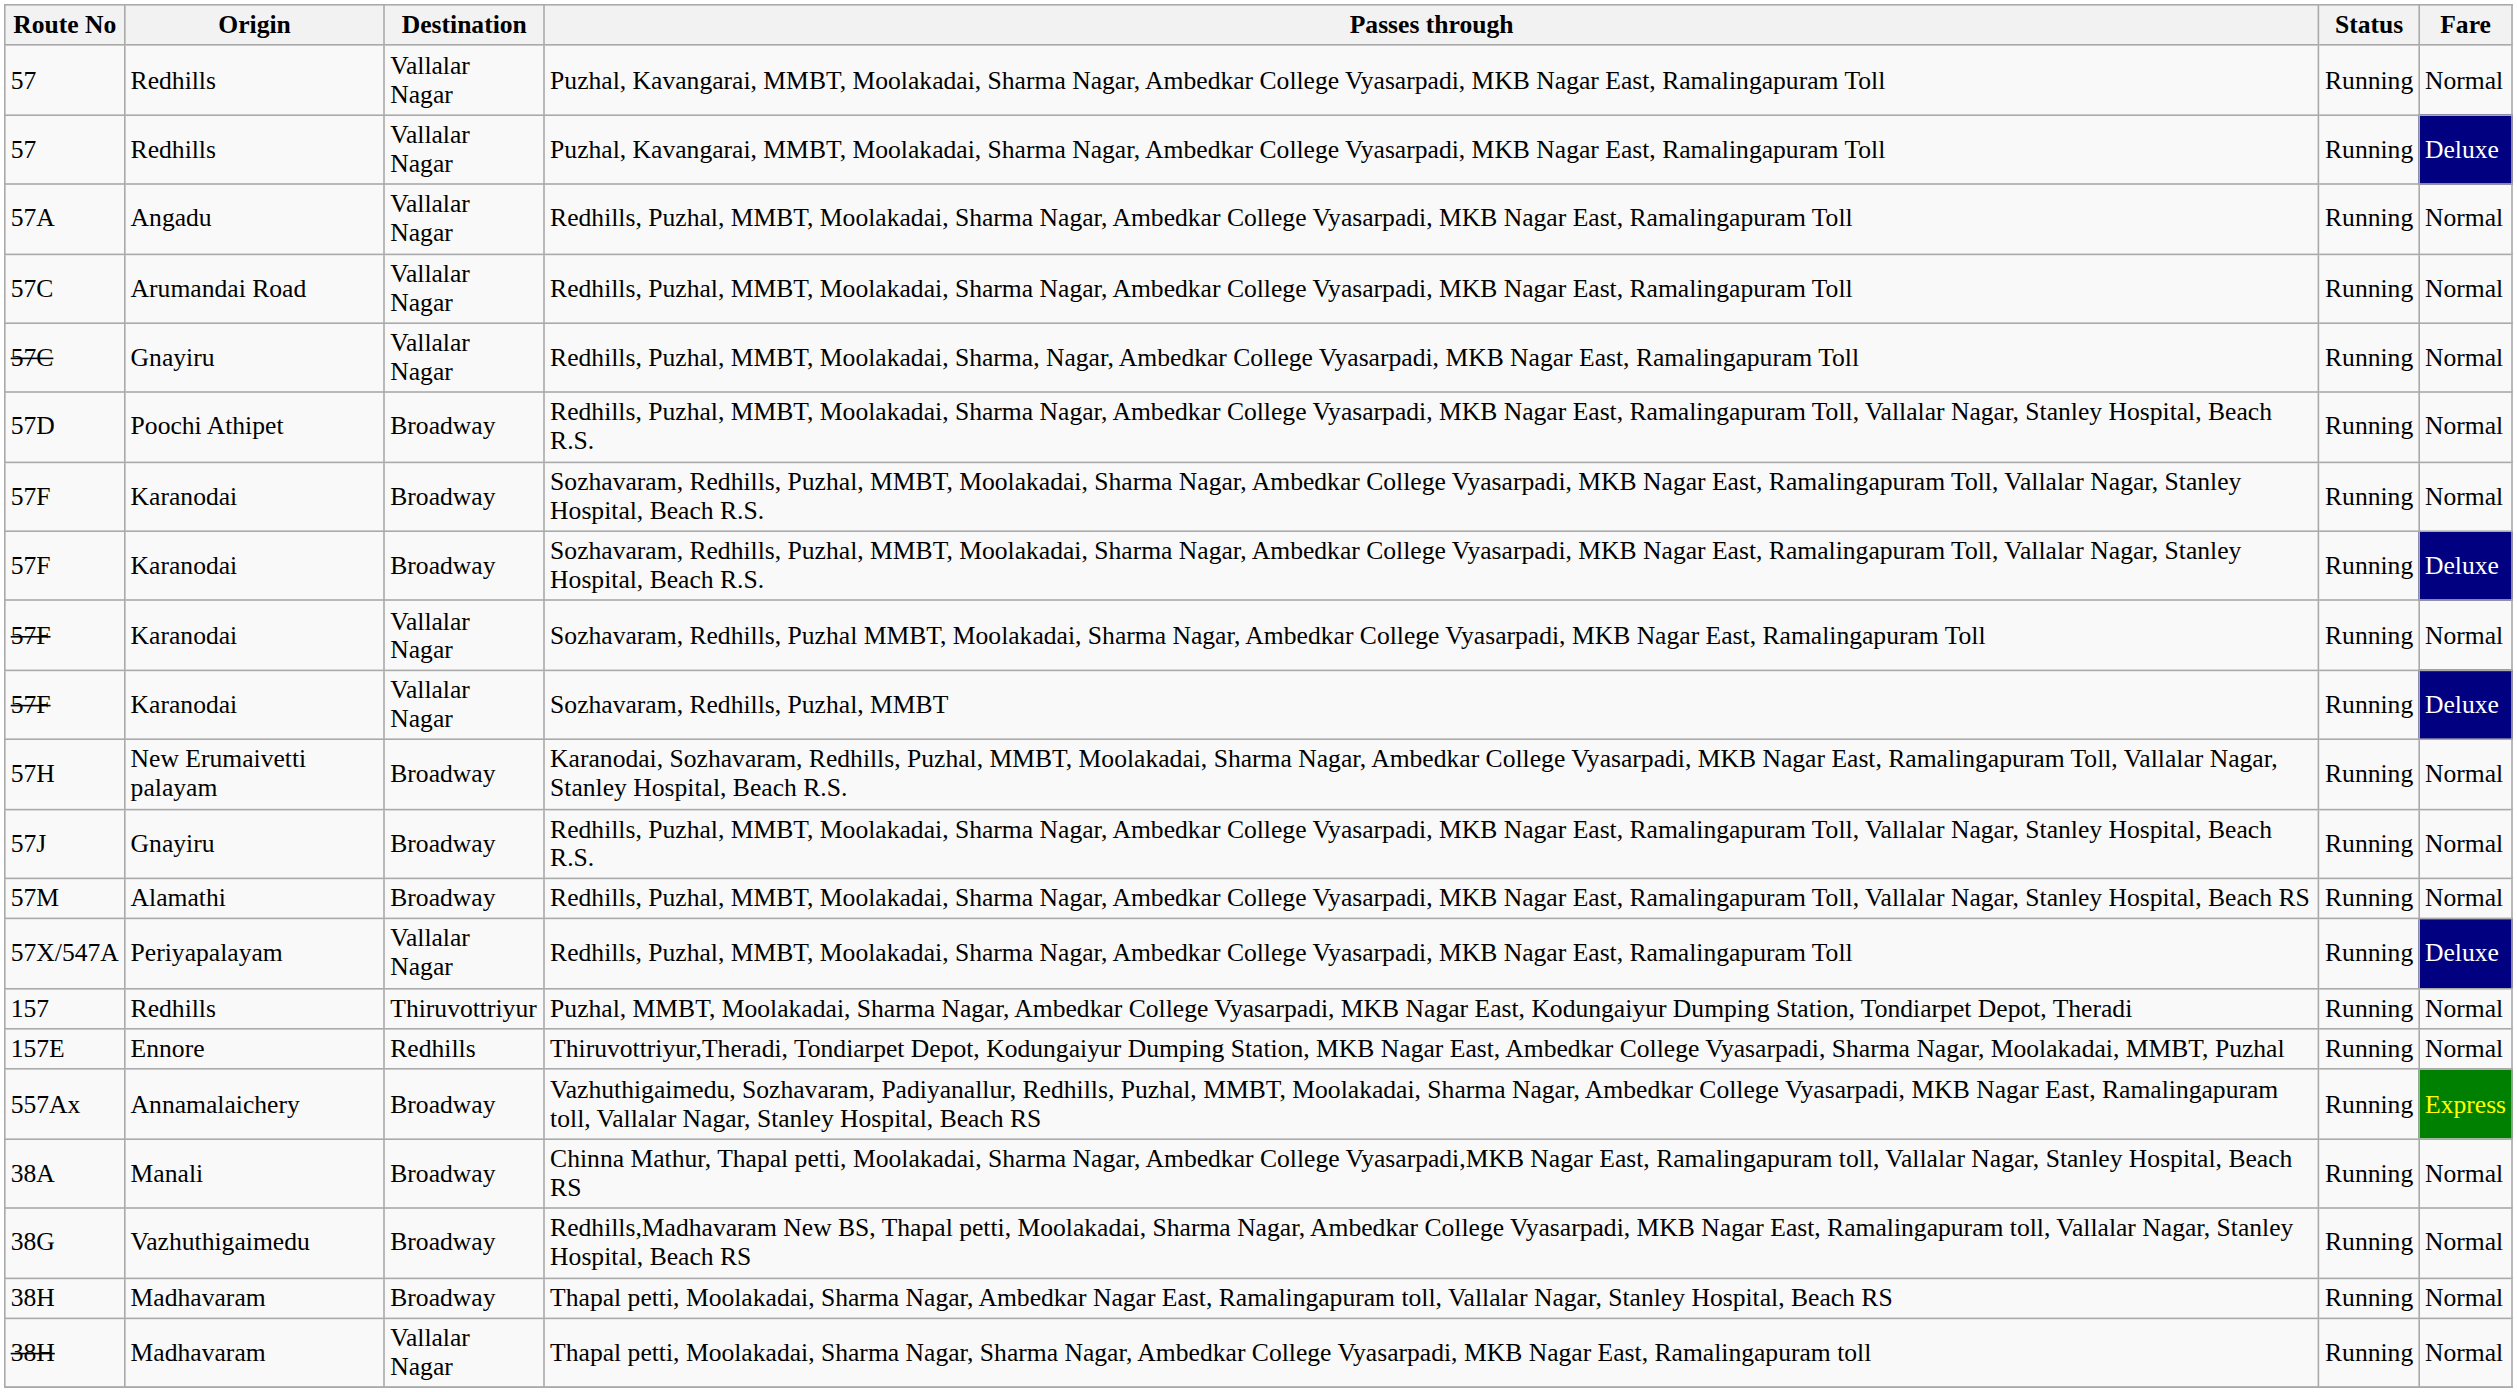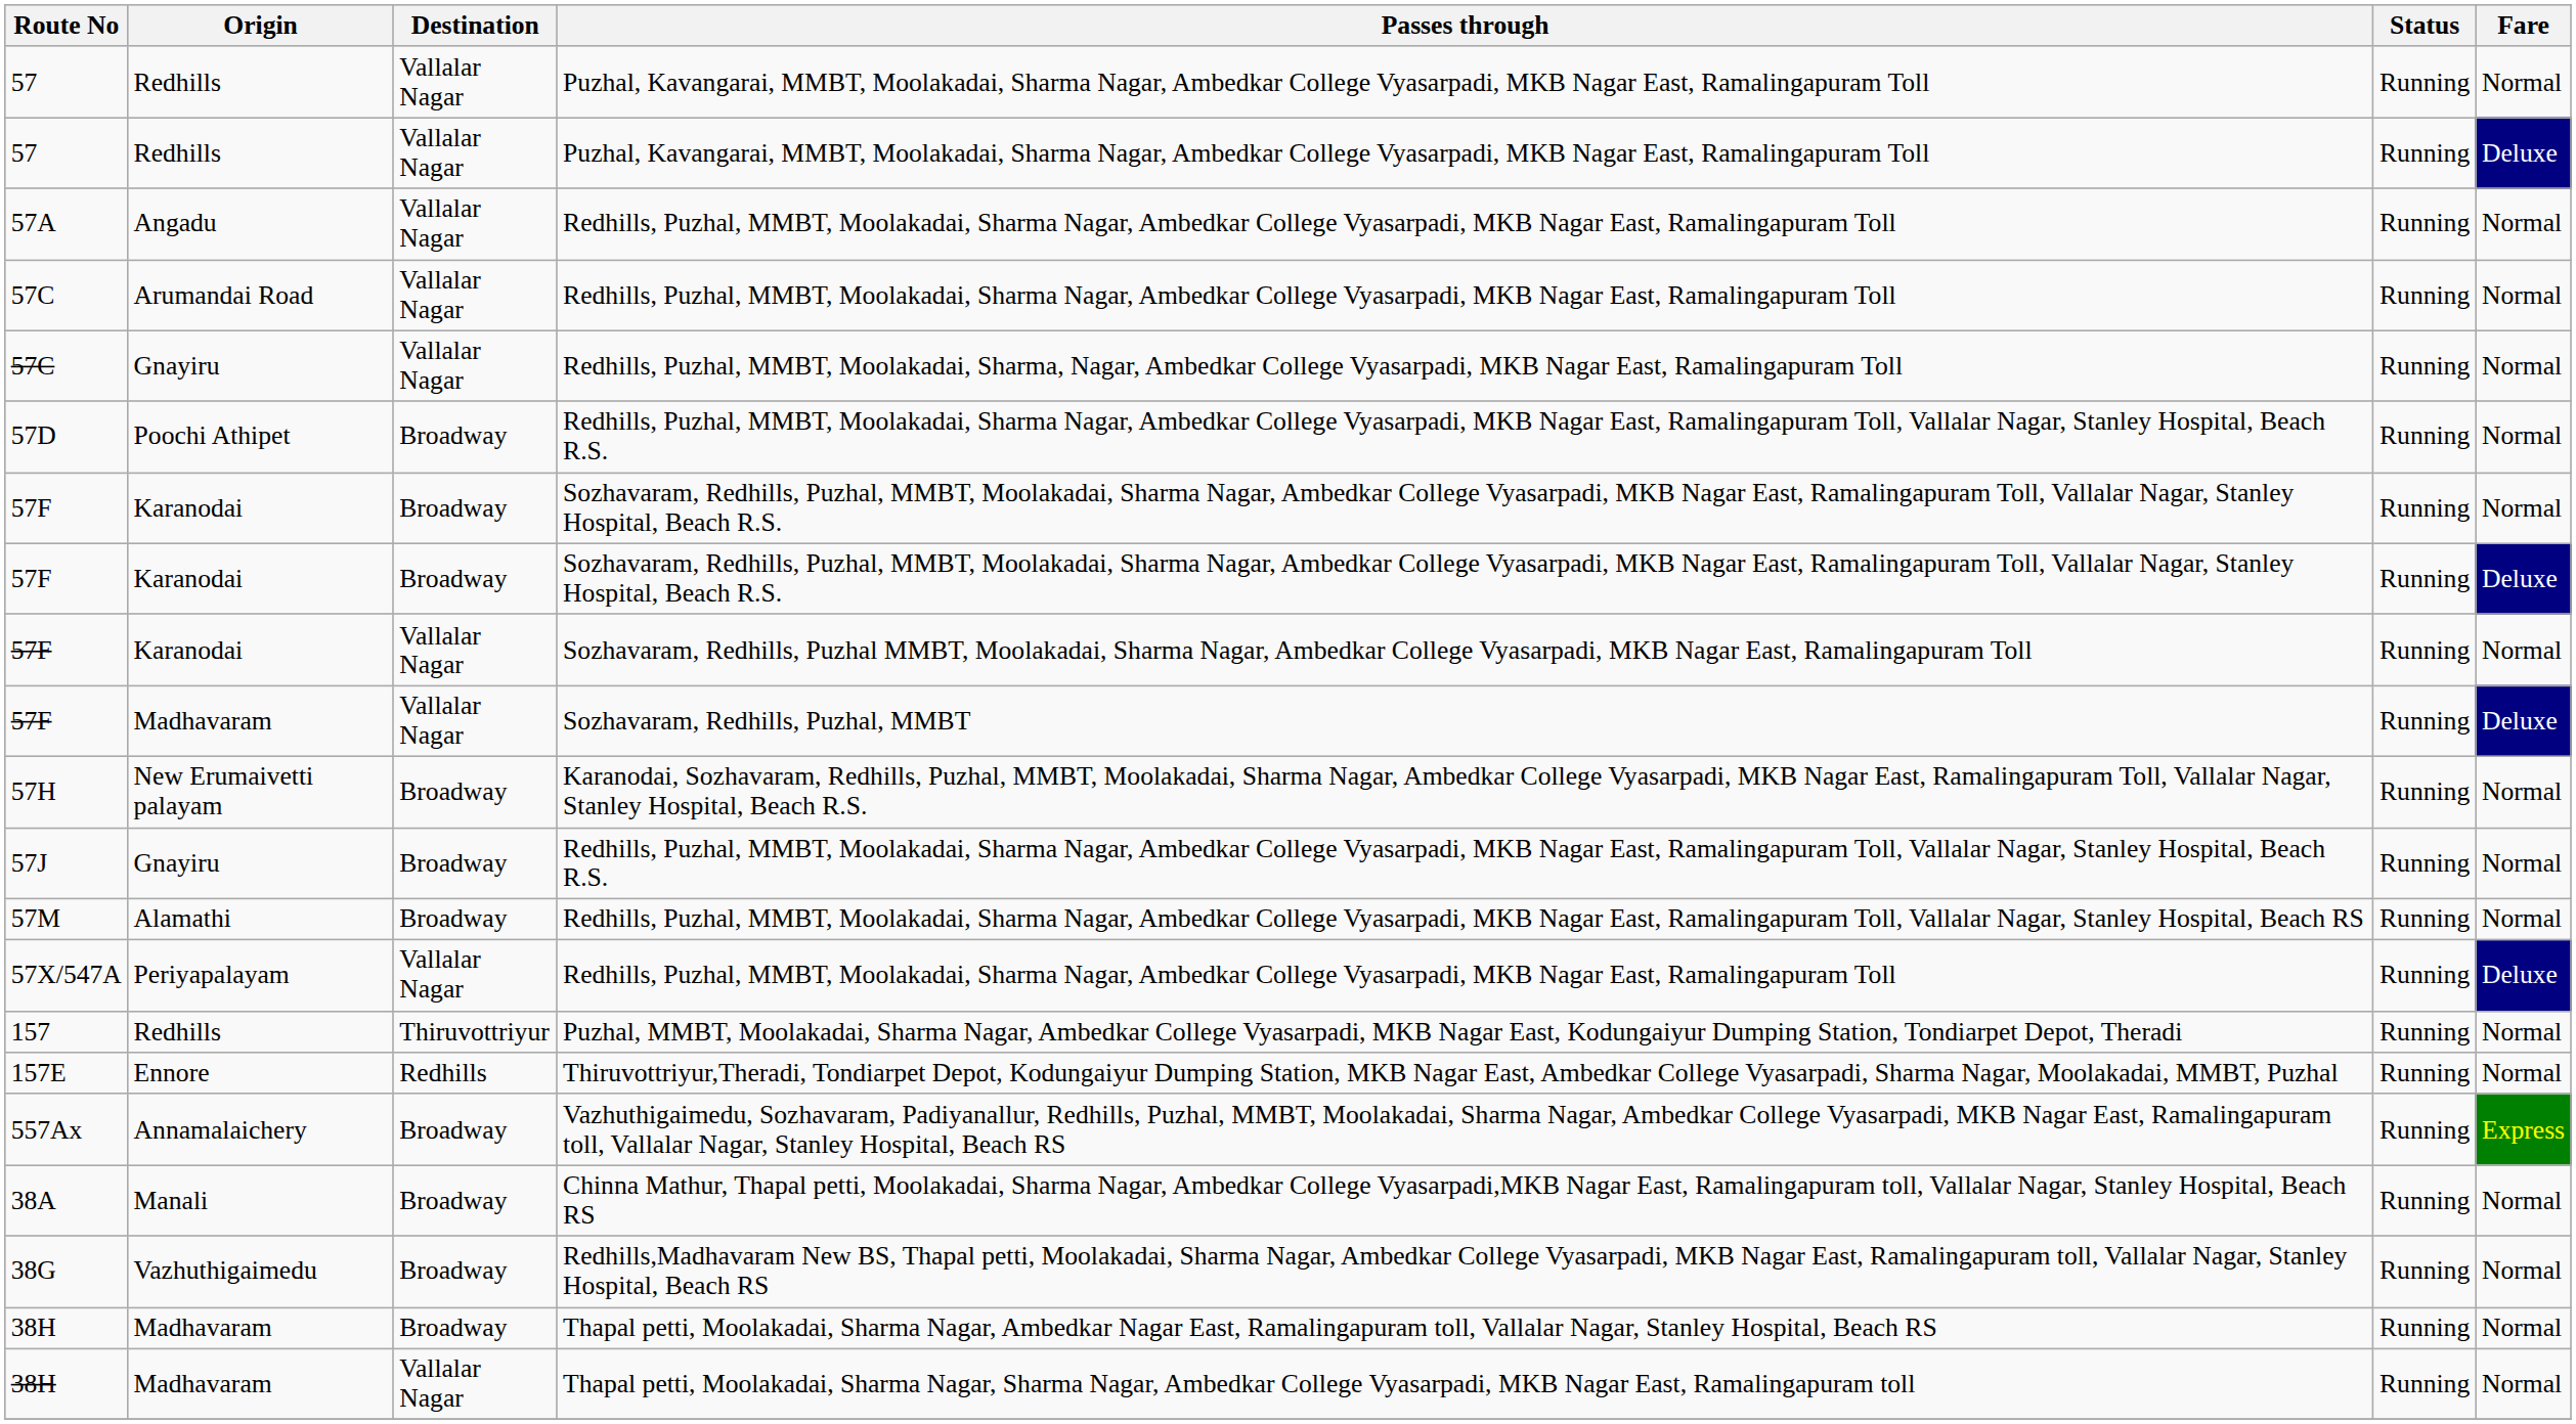 <table class="wikitable sortable collapsable plainrowheaders">
 <tr>
 <th>Route No</th>
 <th>Origin</th>
 <th>Destination</th>
 <th>Passes through</th>
 <th>Status</th>
 <th>Fare</th>
 </tr>
 <tr>
 <td>57</td>
 <td>Redhills</td>
 <td>Vallalar Nagar</td>
 <td>Puzhal, Kavangarai, MMBT, Moolakadai, Sharma Nagar, Ambedkar College Vyasarpadi, MKB Nagar East, Ramalingapuram Toll</td>
 <td>Running</td>
 <td>Normal</td>
 </tr>
 <tr>
 <td>57</td>
 <td>Redhills</td>
 <td>Vallalar Nagar</td>
 <td>Puzhal, Kavangarai, MMBT, Moolakadai, Sharma Nagar, Ambedkar College Vyasarpadi, MKB Nagar East, Ramalingapuram Toll</td>
 <td>Running</td>
 <td style="background:navy; color:white">Deluxe</td>
 </tr>
 <tr>
 <td>57A</td>
 <td>Angadu</td>
 <td>Vallalar Nagar</td>
 <td>Redhills, Puzhal, MMBT, Moolakadai, Sharma Nagar, Ambedkar College Vyasarpadi, MKB Nagar East, Ramalingapuram Toll</td>
 <td>Running</td>
 <td>Normal</td>
 </tr>
 <tr>
 <td>57C</td>
 <td>Arumandai Road</td>
 <td>Vallalar Nagar</td>
 <td>Redhills, Puzhal, MMBT, Moolakadai, Sharma Nagar, Ambedkar College Vyasarpadi, MKB Nagar East, Ramalingapuram Toll</td>
 <td>Running</td>
 <td>Normal</td>
 </tr>
 <tr>
 <td><s>57C</s></td>
 <td>Gnayiru</td>
 <td>Vallalar Nagar</td>
 <td>Redhills, Puzhal, MMBT, Moolakadai, Sharma, Nagar, Ambedkar College Vyasarpadi, MKB Nagar East, Ramalingapuram Toll</td>
 <td>Running</td>
 <td>Normal</td>
 </tr>
 <tr>
 <td>57D</td>
 <td>Poochi Athipet</td>
 <td>Broadway</td>
 <td>Redhills, Puzhal, MMBT, Moolakadai, Sharma Nagar, Ambedkar College Vyasarpadi, MKB Nagar East, Ramalingapuram Toll, Vallalar Nagar, Stanley Hospital, Beach R.S.</td>
 <td>Running</td>
 <td>Normal</td>
 </tr>
 <tr>
 <td>57F</td>
 <td>Karanodai</td>
 <td>Broadway</td>
 <td>Sozhavaram, Redhills, Puzhal, MMBT, Moolakadai, Sharma Nagar, Ambedkar College Vyasarpadi, MKB Nagar East, Ramalingapuram Toll, Vallalar Nagar, Stanley Hospital, Beach R.S.</td>
 <td>Running</td>
 <td>Normal</td>
 </tr>
 <tr>
 <td>57F</td>
 <td>Karanodai</td>
 <td>Broadway</td>
 <td>Sozhavaram, Redhills, Puzhal, MMBT, Moolakadai, Sharma Nagar, Ambedkar College Vyasarpadi, MKB Nagar East, Ramalingapuram Toll, Vallalar Nagar, Stanley Hospital, Beach R.S.</td>
 <td>Running</td>
 <td style="background:navy; color:white">Deluxe</td>
 </tr>
 <tr>
 <td><s>57F</s></td>
 <td>Karanodai</td>
 <td>Vallalar Nagar</td>
 <td>Sozhavaram, Redhills, Puzhal MMBT, Moolakadai, Sharma Nagar, Ambedkar College Vyasarpadi, MKB Nagar East, Ramalingapuram Toll</td>
 <td>Running</td>
 <td>Normal</td>
 </tr>
 <tr>
 <td><s>57F</s></td>
-<td>Karanodai</td>
+<td>Madhavaram</td>
 <td>Vallalar Nagar</td>
 <td>Sozhavaram, Redhills, Puzhal, MMBT</td>
 <td>Running</td>
 <td style="background:navy; color:white">Deluxe</td>
 </tr>
 <tr>
 <td>57H</td>
 <td>New Erumaivetti palayam</td>
 <td>Broadway</td>
 <td>Karanodai, Sozhavaram, Redhills, Puzhal, MMBT, Moolakadai, Sharma Nagar, Ambedkar College Vyasarpadi, MKB Nagar East, Ramalingapuram Toll, Vallalar Nagar, Stanley Hospital, Beach R.S.</td>
 <td>Running</td>
 <td>Normal</td>
 </tr>
 <tr>
 <td>57J</td>
 <td>Gnayiru</td>
 <td>Broadway</td>
 <td>Redhills, Puzhal, MMBT, Moolakadai, Sharma Nagar, Ambedkar College Vyasarpadi, MKB Nagar East, Ramalingapuram Toll, Vallalar Nagar, Stanley Hospital, Beach R.S.</td>
 <td>Running</td>
 <td>Normal</td>
 </tr>
 <tr>
 <td>57M</td>
 <td>Alamathi</td>
 <td>Broadway</td>
 <td>Redhills, Puzhal, MMBT, Moolakadai, Sharma Nagar, Ambedkar College Vyasarpadi, MKB Nagar East, Ramalingapuram Toll, Vallalar Nagar, Stanley Hospital, Beach RS</td>
 <td>Running</td>
 <td>Normal</td>
 </tr>
 <tr>
 <td>57X/547A</td>
 <td>Periyapalayam</td>
 <td>Vallalar Nagar</td>
 <td>Redhills, Puzhal, MMBT, Moolakadai, Sharma Nagar, Ambedkar College Vyasarpadi, MKB Nagar East, Ramalingapuram Toll</td>
 <td>Running</td>
 <td style="background:navy; color:white">Deluxe</td>
 </tr>
 <tr>
 <td>157</td>
 <td>Redhills</td>
 <td>Thiruvottriyur</td>
 <td>Puzhal, MMBT, Moolakadai, Sharma Nagar, Ambedkar College Vyasarpadi, MKB Nagar East, Kodungaiyur Dumping Station, Tondiarpet Depot, Theradi</td>
 <td>Running</td>
 <td>Normal</td>
 </tr>
 <tr>
 <td>157E</td>
 <td>Ennore</td>
 <td>Redhills</td>
 <td>Thiruvottriyur,Theradi, Tondiarpet Depot, Kodungaiyur Dumping Station, MKB Nagar East, Ambedkar College Vyasarpadi, Sharma Nagar, Moolakadai, MMBT, Puzhal</td>
 <td>Running</td>
 <td>Normal</td>
 </tr>
 <tr>
 <td>557Ax</td>
 <td>Annamalaichery</td>
 <td>Broadway</td>
 <td>Vazhuthigaimedu, Sozhavaram, Padiyanallur, Redhills, Puzhal, MMBT, Moolakadai, Sharma Nagar, Ambedkar College Vyasarpadi, MKB Nagar East, Ramalingapuram toll, Vallalar Nagar, Stanley Hospital, Beach RS</td>
 <td>Running</td>
 <td style="background:green; color:yellow">Express</td>
 </tr>
 <tr>
 <td>38A</td>
 <td>Manali</td>
 <td>Broadway</td>
 <td>Chinna Mathur, Thapal petti, Moolakadai, Sharma Nagar, Ambedkar College Vyasarpadi,MKB Nagar East, Ramalingapuram toll, Vallalar Nagar, Stanley Hospital, Beach RS</td>
 <td>Running</td>
 <td>Normal</td>
 </tr>
 <tr>
 <td>38G</td>
 <td>Vazhuthigaimedu</td>
 <td>Broadway</td>
 <td>Redhills,Madhavaram New BS, Thapal petti, Moolakadai, Sharma Nagar, Ambedkar College Vyasarpadi, MKB Nagar East, Ramalingapuram toll, Vallalar Nagar, Stanley Hospital, Beach RS</td>
 <td>Running</td>
 <td>Normal</td>
 </tr>
 <tr>
 <td>38H</td>
 <td>Madhavaram</td>
 <td>Broadway</td>
 <td>Thapal petti, Moolakadai, Sharma Nagar, Ambedkar Nagar East, Ramalingapuram toll, Vallalar Nagar, Stanley Hospital, Beach RS</td>
 <td>Running</td>
 <td>Normal</td>
 </tr>
 <tr>
 <td><s>38H</s></td>
 <td>Madhavaram</td>
 <td>Vallalar Nagar</td>
 <td>Thapal petti, Moolakadai, Sharma Nagar, Sharma Nagar, Ambedkar College Vyasarpadi, MKB Nagar East, Ramalingapuram toll</td>
 <td>Running</td>
 <td>Normal</td>
 </tr>
 <tr>
 </tr>
 </table>
